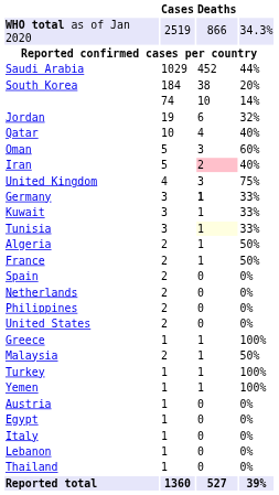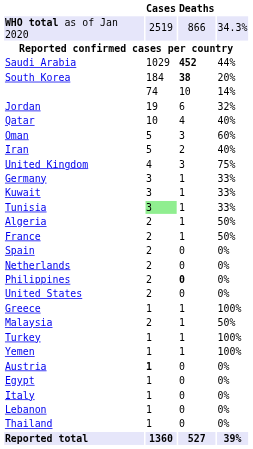 <table class="toccolours" style="float: right; clear:right;margin: 0.5em 0 0.5em 1em; width:25em">
 <tr>
 <th></th>
 <th>Cases</th>
 <th>Deaths</th>
 <th></th>
 </tr>
 <tr>
 <td style="background:lavender;" align="left"><strong>WHO total</strong> as of Jan 2020</td>
 <td style="background:lavender;text-align:center;">2519</td>
 <td style="background:lavender;text-align:center;">866</td>
 <td style="background:lavender;text-align:center;">34.3%</td>
 </tr>
 <tr>
 <th colspan="4">Reported confirmed cases per country</th>
 </tr>
 <tr>
 <td align="left"><a href='#'>Saudi Arabia</a></td>
 <td>1029</td>
-<td>452</td>
+<td><strong>452</strong></td>
 <td>44%</td>
 </tr>
 <tr>
 <td align="left"><a href='#'>South Korea</a></td>
 <td>184</td>
-<td>38</td>
+<td><strong>38</strong></td>
 <td>20%</td>
 </tr>
 <tr>
 <td align="left"></td>
 <td>74</td>
 <td>10</td>
 <td>14%</td>
 </tr>
 <tr>
 <td align="left"><a href='#'>Jordan</a></td>
 <td>19</td>
 <td>6</td>
 <td>32%</td>
 </tr>
 <tr>
 <td align="left"><a href='#'>Qatar</a></td>
 <td>10</td>
 <td>4</td>
 <td>40%</td>
 </tr>
 <tr>
 <td align="left"><a href='#'>Oman</a></td>
 <td>5</td>
 <td>3</td>
 <td>60%</td>
 </tr>
 <tr>
 <td align="left"><a href='#'>Iran</a></td>
 <td>5</td>
-<td style="background: pink;">2</td>
+<td>2</td>
 <td>40%</td>
 </tr>
 <tr>
 <td align="left"><a href='#'>United Kingdom</a></td>
 <td>4</td>
 <td>3</td>
 <td>75%</td>
 </tr>
 <tr>
 <td align="left"><a href='#'>Germany</a></td>
 <td>3</td>
-<td><strong>1</strong></td>
+<td>1</td>
 <td>33%</td>
 </tr>
 <tr>
 <td align="left"><a href='#'>Kuwait</a></td>
 <td>3</td>
 <td>1</td>
 <td>33%</td>
 </tr>
 <tr>
 <td align="left"><a href='#'>Tunisia</a></td>
-<td>3</td>
-<td style="background: lightyellow;">1</td>
+<td style="background: lightgreen;">3</td>
+<td>1</td>
 <td>33%</td>
 </tr>
 <tr>
 <td align="left"><a href='#'>Algeria</a></td>
 <td>2</td>
 <td>1</td>
 <td>50%</td>
 </tr>
 <tr>
 <td align="left"><a href='#'>France</a></td>
 <td>2</td>
 <td>1</td>
 <td>50%</td>
 </tr>
 <tr>
 <td align="left"><a href='#'>Spain</a></td>
 <td>2</td>
 <td>0</td>
 <td>0%</td>
 </tr>
 <tr>
 <td align="left"><a href='#'>Netherlands</a></td>
 <td>2</td>
 <td>0</td>
 <td>0%</td>
 </tr>
 <tr>
 <td align="left"><a href='#'>Philippines</a></td>
 <td>2</td>
-<td>0</td>
+<td><strong>0</strong></td>
 <td>0%</td>
 </tr>
 <tr>
 <td align="left"><a href='#'>United States</a></td>
 <td>2</td>
 <td>0</td>
 <td>0%</td>
 </tr>
 <tr>
 <td align="left"><a href='#'>Greece</a></td>
 <td>1</td>
 <td>1</td>
 <td>100%</td>
 </tr>
 <tr>
 <td align="left"><a href='#'>Malaysia</a></td>
 <td>2</td>
 <td>1</td>
 <td>50%</td>
 </tr>
 <tr>
 <td align="left"><a href='#'>Turkey</a></td>
 <td>1</td>
 <td>1</td>
 <td>100%</td>
 </tr>
 <tr>
 <td align="left"><a href='#'>Yemen</a></td>
 <td>1</td>
 <td>1</td>
 <td>100%</td>
 </tr>
 <tr>
 <td align="left"><a href='#'>Austria</a></td>
-<td>1</td>
+<td><strong>1</strong></td>
 <td>0</td>
 <td>0%</td>
 </tr>
 <tr>
 <td align="left"><a href='#'>Egypt</a></td>
 <td>1</td>
 <td>0</td>
 <td>0%</td>
 </tr>
 <tr>
 <td align="left"><a href='#'>Italy</a></td>
 <td>1</td>
 <td>0</td>
 <td>0%</td>
 </tr>
 <tr>
 <td align="left"><a href='#'>Lebanon</a></td>
 <td>1</td>
 <td>0</td>
 <td>0%</td>
 </tr>
 <tr>
 <td align="left"><a href='#'>Thailand</a></td>
 <td>1</td>
 <td>0</td>
 <td>0%</td>
 </tr>
 <tr>
 <td style="background:lavender;" align="left"><strong>Reported total</strong></td>
 <td style="background:lavender;text-align:center;"><strong>1360</strong></td>
 <td style="background:lavender;text-align:center;"><strong>527</strong></td>
 <td style="background:lavender;text-align:center;"><strong>39%</strong></td>
 </tr>
 <tr>
 </tr>
 </table>
